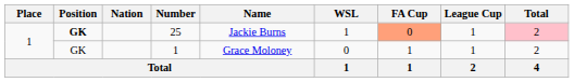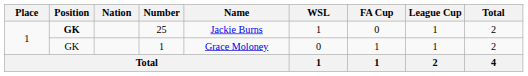 <table class="wikitable" style="font-size: 95%; text-align: center;">
 <tr>
 <th width=60>Place</th>
 <th width=60>Position</th>
 <th width=60>Nation</th>
 <th width=60>Number</th>
 <th width=150>Name</th>
 <th width=80>WSL</th>
 <th width=80>FA Cup</th>
 <th width=80>League Cup</th>
 <th width=80>Total</th>
 </tr>
 <tr>
 <td rowspan="2">1</td>
 <td><strong>GK</strong></td>
 <td></td>
 <td>25</td>
 <td><a href='#'>Jackie Burns</a></td>
 <td>1</td>
-<td style="background: lightsalmon;">0</td>
+<td>0</td>
 <td>1</td>
-<td style="background: pink;">2</td>
+<td>2</td>
 </tr>
 <tr>
 <td>GK</td>
 <td></td>
 <td>1</td>
 <td><a href='#'>Grace Moloney</a></td>
 <td>0</td>
 <td>1</td>
 <td>1</td>
 <td>2</td>
 </tr>
 <tr>
 <th colspan=5>Total</th>
 <th>1</th>
 <th>1</th>
 <th>2</th>
 <th>4</th>
 </tr>
 </table>
